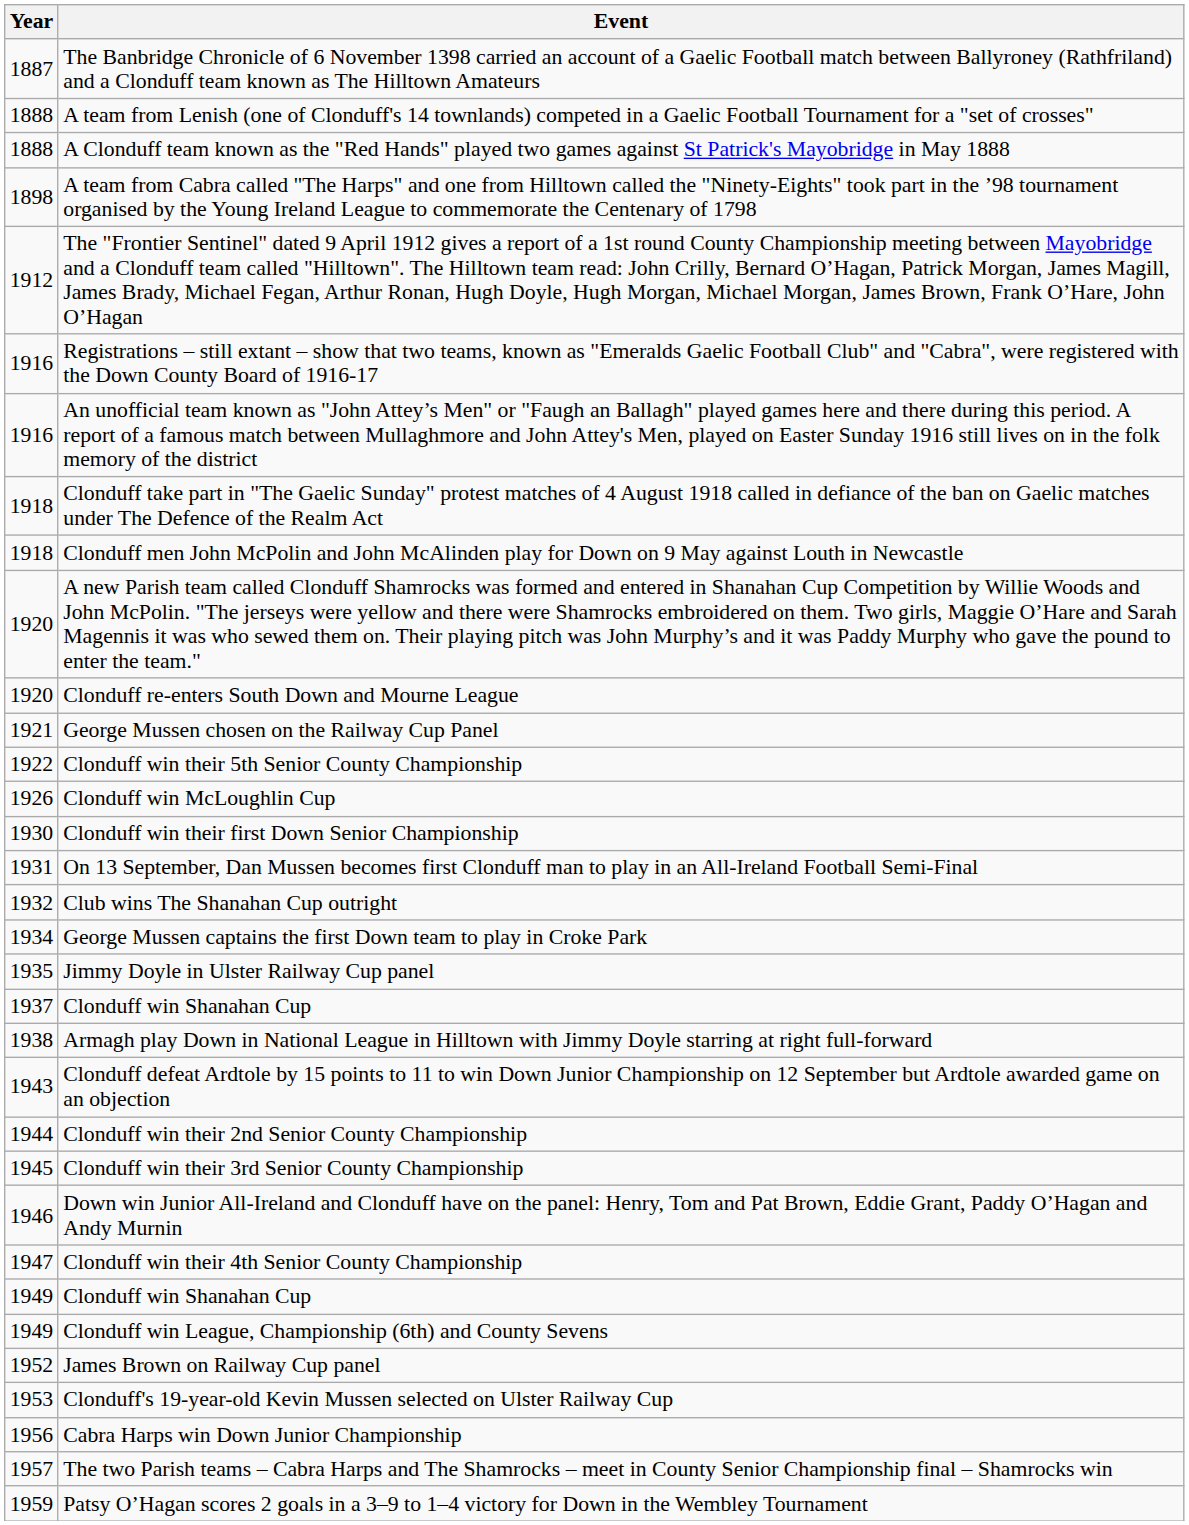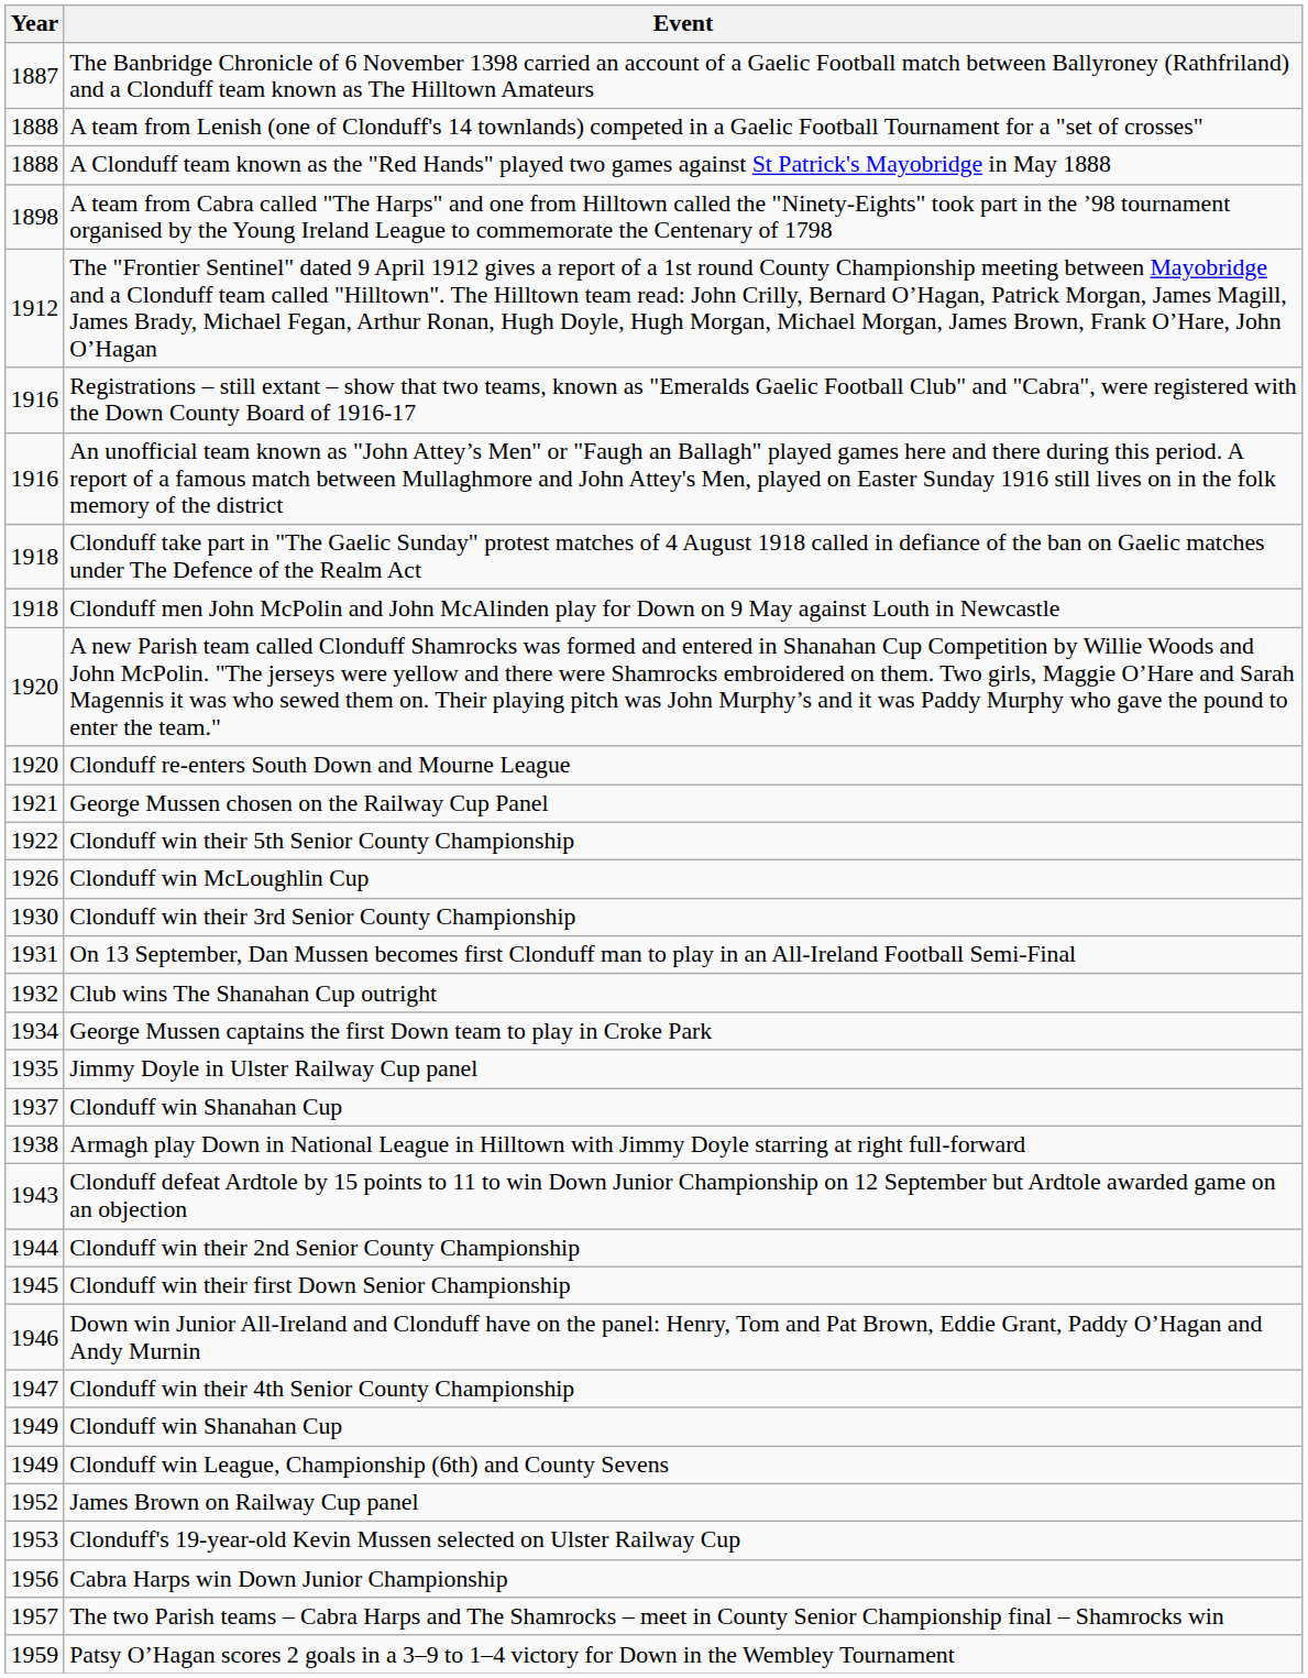 <table class="wikitable">
 <tr>
 <th>Year</th>
 <th>Event</th>
 </tr>
 <tr>
 <td>1887</td>
 <td>The Banbridge Chronicle of 6 November 1398 carried an account of a Gaelic Football match between Ballyroney (Rathfriland) and a Clonduff team known as The Hilltown Amateurs</td>
 </tr>
 <tr>
 <td>1888</td>
 <td>A team from Lenish (one of Clonduff's 14 townlands) competed in a Gaelic Football Tournament for a "set of crosses"</td>
 </tr>
 <tr>
 <td>1888</td>
 <td>A Clonduff team known as the "Red Hands" played two games against <a href='#'>St Patrick's Mayobridge</a> in May 1888</td>
 </tr>
 <tr>
 <td>1898</td>
 <td>A team from Cabra called "The Harps" and one from Hilltown called the "Ninety-Eights" took part in the ’98 tournament organised by the Young Ireland League to commemorate the Centenary of 1798</td>
 </tr>
 <tr>
 <td>1912</td>
 <td>The "Frontier Sentinel" dated 9 April 1912 gives a report of a 1st round County Championship meeting between <a href='#'>Mayobridge</a> and a Clonduff team called "Hilltown". The Hilltown team read: John Crilly, Bernard O’Hagan, Patrick Morgan, James Magill, James Brady, Michael Fegan, Arthur Ronan, Hugh Doyle, Hugh Morgan, Michael Morgan, James Brown, Frank O’Hare, John O’Hagan</td>
 </tr>
 <tr>
 <td>1916</td>
 <td>Registrations – still extant – show that two teams, known as "Emeralds Gaelic Football Club" and "Cabra", were registered with the Down County Board of 1916-17</td>
 </tr>
 <tr>
 <td>1916</td>
 <td>An unofficial team known as "John Attey’s Men" or "Faugh an Ballagh" played games here and there during this period. A report of a famous match between Mullaghmore and John Attey's Men, played on Easter Sunday 1916 still lives on in the folk memory of the district</td>
 </tr>
 <tr>
 <td>1918</td>
 <td>Clonduff take part in "The Gaelic Sunday" protest matches of 4 August 1918 called in defiance of the ban on Gaelic matches under The Defence of the Realm Act</td>
 </tr>
 <tr>
 <td>1918</td>
 <td>Clonduff men John McPolin and John McAlinden play for Down on 9 May against Louth in Newcastle</td>
 </tr>
 <tr>
 <td>1920</td>
 <td>A new Parish team called Clonduff Shamrocks was formed and entered in Shanahan Cup Competition by Willie Woods and John McPolin. "The jerseys were yellow and there were Shamrocks embroidered on them. Two girls, Maggie O’Hare and Sarah Magennis it was who sewed them on. Their playing pitch was John Murphy’s and it was Paddy Murphy who gave the pound to enter the team."</td>
 </tr>
 <tr>
 <td>1920</td>
 <td>Clonduff re-enters South Down and Mourne League</td>
 </tr>
 <tr>
 <td>1921</td>
 <td>George Mussen chosen on the Railway Cup Panel</td>
 </tr>
 <tr>
 <td>1922</td>
 <td>Clonduff win their 5th  Senior County Championship</td>
 </tr>
 <tr>
 <td>1926</td>
 <td>Clonduff win McLoughlin Cup</td>
 </tr>
 <tr>
 <td>1930</td>
-<td>Clonduff win their first Down Senior Championship</td>
+<td>Clonduff win their 3rd  Senior County Championship</td>
 </tr>
 <tr>
 <td>1931</td>
 <td>On 13 September, Dan Mussen becomes first Clonduff man to play in an All-Ireland Football Semi-Final</td>
 </tr>
 <tr>
 <td>1932</td>
 <td>Club wins The Shanahan Cup outright</td>
 </tr>
 <tr>
 <td>1934</td>
 <td>George Mussen captains the first Down team to play in Croke Park</td>
 </tr>
 <tr>
 <td>1935</td>
 <td>Jimmy Doyle in Ulster Railway Cup panel</td>
 </tr>
 <tr>
 <td>1937</td>
 <td>Clonduff win Shanahan Cup</td>
 </tr>
 <tr>
 <td>1938</td>
 <td>Armagh play Down in National League in Hilltown with Jimmy Doyle starring at right full-forward</td>
 </tr>
 <tr>
 <td>1943</td>
 <td>Clonduff defeat Ardtole by 15 points to 11 to win Down Junior Championship on 12 September but Ardtole awarded game on an objection</td>
 </tr>
 <tr>
 <td>1944</td>
 <td>Clonduff win their 2nd  Senior County Championship</td>
 </tr>
 <tr>
 <td>1945</td>
-<td>Clonduff win their 3rd  Senior County Championship</td>
+<td>Clonduff win their first Down Senior Championship</td>
 </tr>
 <tr>
 <td>1946</td>
 <td>Down win Junior All-Ireland and Clonduff have on the panel: Henry, Tom and Pat Brown, Eddie Grant, Paddy O’Hagan and Andy Murnin</td>
 </tr>
 <tr>
 <td>1947</td>
 <td>Clonduff win their 4th  Senior County Championship</td>
 </tr>
 <tr>
 <td>1949</td>
 <td>Clonduff win Shanahan Cup</td>
 </tr>
 <tr>
 <td>1949</td>
 <td>Clonduff win League, Championship (6th) and County Sevens</td>
 </tr>
 <tr>
 <td>1952</td>
 <td>James Brown on Railway Cup panel</td>
 </tr>
 <tr>
 <td>1953</td>
 <td>Clonduff's 19-year-old Kevin Mussen selected on Ulster Railway Cup</td>
 </tr>
 <tr>
 <td>1956</td>
 <td>Cabra Harps win Down Junior Championship</td>
 </tr>
 <tr>
 <td>1957</td>
 <td>The two Parish teams – Cabra Harps and The Shamrocks – meet in County Senior Championship final – Shamrocks win</td>
 </tr>
 <tr>
 <td>1959</td>
 <td>Patsy O’Hagan scores 2 goals in a 3–9 to 1–4 victory for Down in the Wembley Tournament</td>
 </tr>
 </table>
